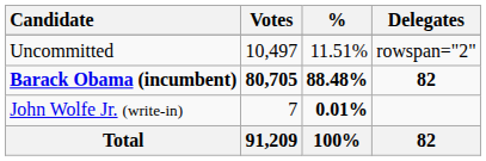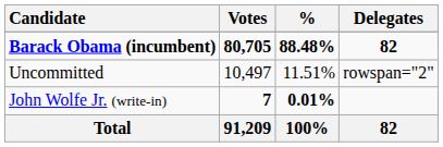 <table class="wikitable sortable plainrowheaders" style="text-align:right;">
 <tr>
 <th style="text-align:left;">Candidate</th>
 <th>Votes</th>
 <th>%</th>
 <th>Delegates</th>
 </tr>
 <tr>
 </tr>
 <tr>
+<td style="text-align:left;"><strong><a href='#'>Barack Obama</a></strong> <strong>(incumbent)</strong></td>
+<td><strong>80,705</strong></td>
+<td><strong>88.48%</strong></td>
+<td style="text-align:center;"><strong>82</strong></td>
+</tr>
+<tr>
 <td style="text-align:left;">Uncommitted</td>
 <td>10,497</td>
 <td>11.51%</td>
 <td>rowspan="2" </td>
 </tr>
 <tr>
-<td style="text-align:left;"><strong><a href='#'>Barack Obama</a></strong> <strong>(incumbent)</strong></td>
-<td><strong>80,705</strong></td>
-<td><strong>88.48%</strong></td>
-<td style="text-align:center;"><strong>82</strong></td>
-</tr>
-<tr>
 <td style="text-align:left;"><a href='#'>John Wolfe Jr.</a> <small>(write-in)</small></td>
-<td>7</td>
+<td><strong>7</strong></td>
 <td><strong>0.01%</strong></td>
 </tr>
 <tr class="sortbottom">
 <th>Total</th>
 <th><strong>91,209</strong></th>
 <th>100%</th>
 <th>82</th>
 </tr>
 </table>
